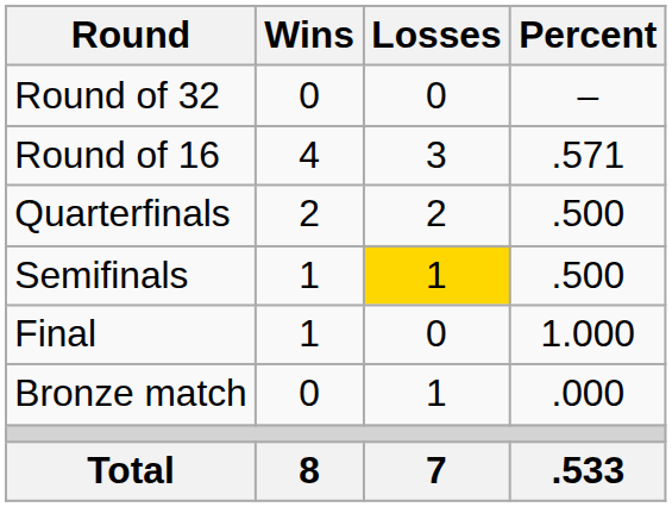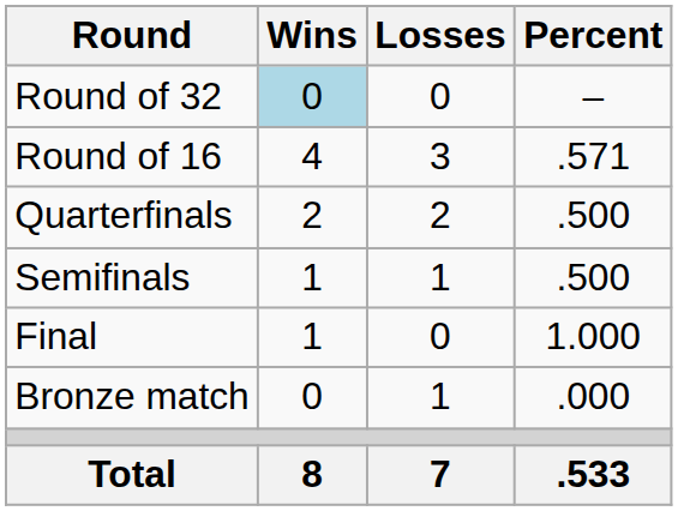 <table class=wikitable>
 <tr>
 <th>Round</th>
 <th>Wins</th>
 <th>Losses</th>
 <th>Percent</th>
 </tr>
 <tr align=center>
 <td align=left>Round of 32</td>
-<td>0</td>
+<td style="background: lightblue;">0</td>
 <td>0</td>
 <td>–</td>
 </tr>
 <tr align=center>
 <td align=left>Round of 16</td>
 <td>4</td>
 <td>3</td>
 <td>.571</td>
 </tr>
 <tr align=center>
 <td align=left>Quarterfinals</td>
 <td>2</td>
 <td>2</td>
 <td>.500</td>
 </tr>
 <tr align=center>
 <td align=left>Semifinals</td>
 <td>1</td>
-<td style="background: gold;">1</td>
+<td>1</td>
 <td>.500</td>
 </tr>
 <tr align=center>
 <td align=left>Final</td>
 <td>1</td>
 <td>0</td>
 <td>1.000</td>
 </tr>
 <tr align=center>
 <td align=left>Bronze match</td>
 <td>0</td>
 <td>1</td>
 <td>.000</td>
 </tr>
 <tr>
 <td colspan=4 bgcolor=lightgray></td>
 </tr>
 <tr>
 <th>Total</th>
 <th>8</th>
 <th>7</th>
 <th>.533</th>
 </tr>
 </table>
